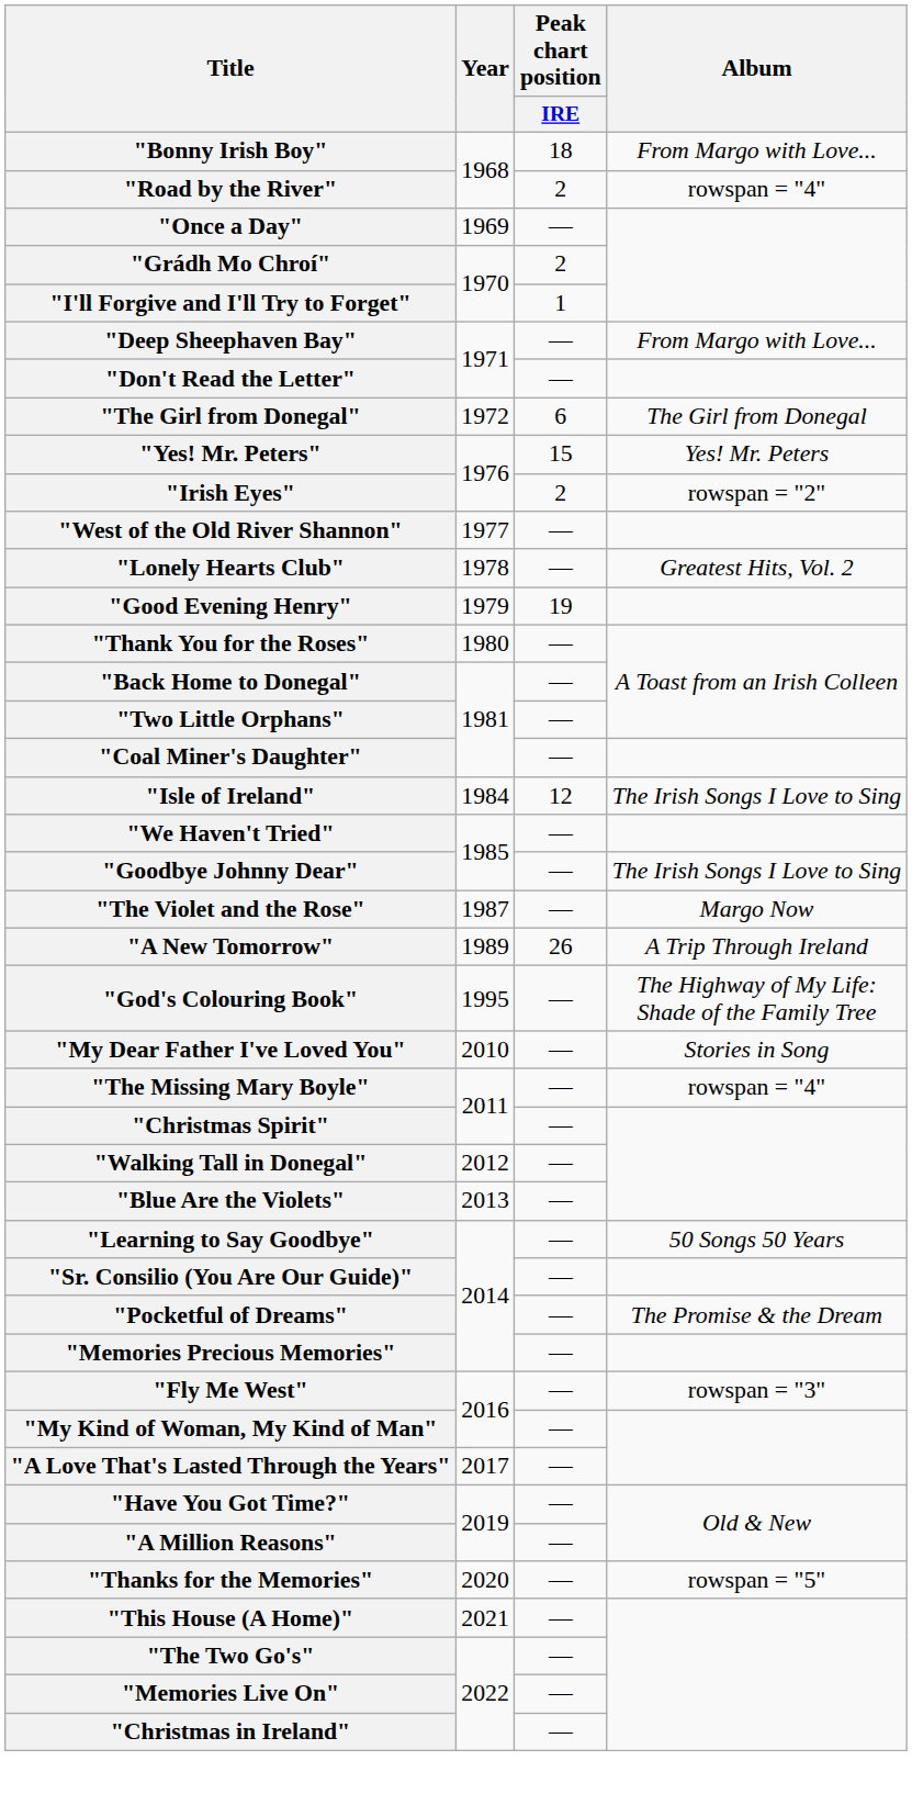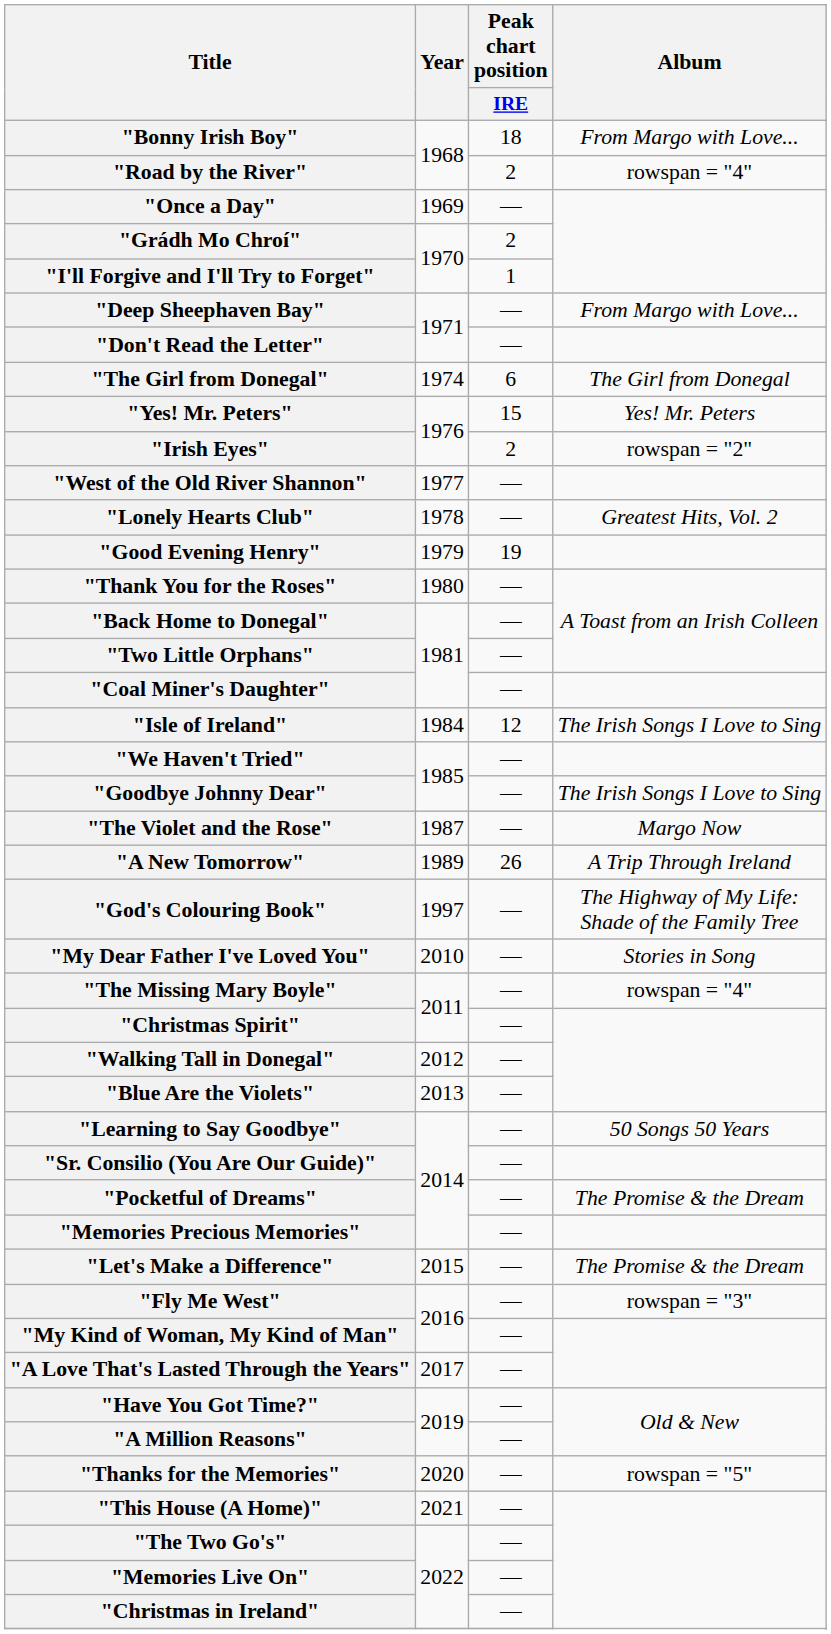 <table class="wikitable plainrowheaders" style="text-align:center;">
 <tr>
 <th scope="col" rowspan="2">Title</th>
 <th scope="col" rowspan="2" style="width:1em;">Year</th>
 <th scope="col" colspan="1">Peak chart<br>position</th>
 <th scope="col" rowspan="2">Album</th>
 </tr>
 <tr>
 <th scope="col" style="width:2.5em; font-size:90%;"><a href='#'>IRE</a><br></th>
 </tr>
 <tr>
 <th scope = "row">"Bonny Irish Boy"<br></th>
 <td rowspan = "2">1968</td>
 <td>18</td>
 <td><em>From Margo with Love...</em></td>
 </tr>
 <tr>
 <th scope = "row">"Road by the River"<br></th>
 <td>2</td>
 <td>rowspan = "4" </td>
 </tr>
 <tr>
 <th scope = "row">"Once a Day"<br></th>
 <td>1969</td>
 <td>—</td>
 </tr>
 <tr>
 <th scope = "row">"Grádh Mo Chroí"<br></th>
 <td rowspan = "2">1970</td>
 <td>2</td>
 </tr>
 <tr>
 <th scope = "row">"I'll Forgive and I'll Try to Forget"<br></th>
 <td>1</td>
 </tr>
 <tr>
 <th scope = "row">"Deep Sheephaven Bay"<br></th>
 <td rowspan = "2">1971</td>
 <td>—</td>
 <td><em>From Margo with Love...</em></td>
 </tr>
 <tr>
 <th scope = "row">"Don't Read the Letter"<br></th>
 <td>—</td>
 <td></td>
 </tr>
 <tr>
 <th scope = "row">"The Girl from Donegal"</th>
-<td>1972</td>
+<td>1974</td>
 <td>6</td>
 <td><em>The Girl from Donegal</em></td>
 </tr>
 <tr>
 <th scope = "row">"Yes! Mr. Peters"<br></th>
 <td rowspan = "2">1976</td>
 <td>15</td>
 <td><em>Yes! Mr. Peters</em></td>
 </tr>
 <tr>
 <th scope = "row">"Irish Eyes"</th>
 <td>2</td>
 <td>rowspan = "2" </td>
 </tr>
 <tr>
 <th scope = "row">"West of the Old River Shannon"</th>
 <td>1977</td>
 <td>—</td>
 </tr>
 <tr>
 <th scope = "row">"Lonely Hearts Club"</th>
 <td>1978</td>
 <td>—</td>
 <td><em>Greatest Hits, Vol. 2</em></td>
 </tr>
 <tr>
 <th scope = "row">"Good Evening Henry"</th>
 <td>1979</td>
 <td>19</td>
 <td></td>
 </tr>
 <tr>
 <th scope = "row">"Thank You for the Roses"</th>
 <td>1980</td>
 <td>—</td>
 <td rowspan = "3"><em>A Toast from an Irish Colleen</em></td>
 </tr>
 <tr>
 <th scope = "row">"Back Home to Donegal"</th>
 <td rowspan = "3">1981</td>
 <td>—</td>
 </tr>
 <tr>
 <th scope = "row">"Two Little Orphans"</th>
 <td>—</td>
 </tr>
 <tr>
 <th scope = "row">"Coal Miner's Daughter"</th>
 <td>—</td>
 <td></td>
 </tr>
 <tr>
 <th scope = "row">"Isle of Ireland"</th>
 <td>1984</td>
 <td>12</td>
 <td><em>The Irish Songs I Love to Sing</em></td>
 </tr>
 <tr>
 <th scope = "row">"We Haven't Tried"</th>
 <td rowspan = "2">1985</td>
 <td>—</td>
 <td></td>
 </tr>
 <tr>
 <th scope = "row">"Goodbye Johnny Dear"</th>
 <td>—</td>
 <td><em>The Irish Songs I Love to Sing</em></td>
 </tr>
 <tr>
 <th scope = "row">"The Violet and the Rose"</th>
 <td>1987</td>
 <td>—</td>
 <td><em>Margo Now</em></td>
 </tr>
 <tr>
 <th scope = "row">"A New Tomorrow"</th>
 <td>1989</td>
 <td>26</td>
 <td><em>A Trip Through Ireland</em></td>
 </tr>
 <tr>
 <th scope = "row">"God's Colouring Book"<br></th>
-<td>1995</td>
+<td>1997</td>
 <td>—</td>
 <td><em>The Highway of My Life:<br>Shade of the Family Tree</em></td>
 </tr>
 <tr>
 <th scope = "row">"My Dear Father I've Loved You"</th>
 <td>2010</td>
 <td>—</td>
 <td><em>Stories in Song</em></td>
 </tr>
 <tr>
 <th scope = "row">"The Missing Mary Boyle"</th>
 <td rowspan = "2">2011</td>
 <td>—</td>
 <td>rowspan = "4" </td>
 </tr>
 <tr>
 <th scope = "row">"Christmas Spirit"<br></th>
 <td>—</td>
 </tr>
 <tr>
 <th scope = "row">"Walking Tall in Donegal"</th>
 <td>2012</td>
 <td>—</td>
 </tr>
 <tr>
 <th scope = "row">"Blue Are the Violets"</th>
 <td>2013</td>
 <td>—</td>
 </tr>
 <tr>
 <th scope = "row">"Learning to Say Goodbye"</th>
 <td rowspan = "4">2014</td>
 <td>—</td>
 <td><em>50 Songs 50 Years</em></td>
 </tr>
 <tr>
 <th scope = "row">"Sr. Consilio (You Are Our Guide)"</th>
 <td>—</td>
 <td></td>
 </tr>
 <tr>
 <th scope = "row">"Pocketful of Dreams"</th>
 <td>—</td>
 <td><em>The Promise & the Dream</em></td>
 </tr>
 <tr>
 <th scope = "row">"Memories Precious Memories"<br></th>
 <td>—</td>
 <td></td>
+</tr>
+<tr>
+<th scope = "row">"Let's Make a Difference"</th>
+<td>2015</td>
+<td>—</td>
+<td><em>The Promise & the Dream</em></td>
 </tr>
 <tr>
 <th scope = "row">"Fly Me West"</th>
 <td rowspan = "2">2016</td>
 <td>—</td>
 <td>rowspan = "3" </td>
 </tr>
 <tr>
 <th scope = "row">"My Kind of Woman, My Kind of Man"<br></th>
 <td>—</td>
 </tr>
 <tr>
 <th scope = "row">"A Love That's Lasted Through the Years"<br></th>
 <td>2017</td>
 <td>—</td>
 </tr>
 <tr>
 <th scope = "row">"Have You Got Time?"</th>
 <td rowspan = "2">2019</td>
 <td>—</td>
 <td rowspan = "2"><em>Old & New</em></td>
 </tr>
 <tr>
 <th scope = "row">"A Million Reasons"</th>
 <td>—</td>
 </tr>
 <tr>
 <th scope = "row">"Thanks for the Memories"</th>
 <td>2020</td>
 <td>—</td>
 <td>rowspan = "5" </td>
 </tr>
 <tr>
 <th scope = "row">"This House (A Home)"</th>
 <td>2021</td>
 <td>—</td>
 </tr>
 <tr>
 <th scope = "row">"The Two Go's"<br></th>
 <td rowspan = "3">2022</td>
 <td>—</td>
 </tr>
 <tr>
 <th scope = "row">"Memories Live On"</th>
 <td>—</td>
 </tr>
 <tr>
 <th scope = "row">"Christmas in Ireland"</th>
 <td>—</td>
 </tr>
 <tr>
 </tr>
 </table>
